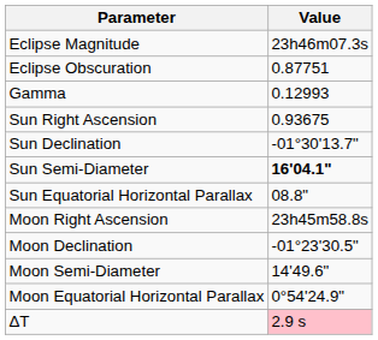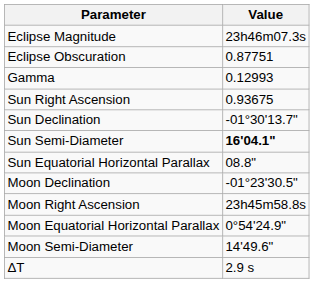 <table class="wikitable">
 <tr>
 <th>Parameter</th>
 <th>Value</th>
 </tr>
 <tr>
 <td>Eclipse Magnitude</td>
 <td>23h46m07.3s</td>
 </tr>
 <tr>
 <td>Eclipse Obscuration</td>
 <td>0.87751</td>
 </tr>
 <tr>
 <td>Gamma</td>
 <td>0.12993</td>
 </tr>
 <tr>
 <td>Sun Right Ascension</td>
 <td>0.93675</td>
 </tr>
 <tr>
 <td>Sun Declination</td>
 <td>-01°30'13.7"</td>
 </tr>
 <tr>
 <td>Sun Semi-Diameter</td>
 <td><strong>16'04.1"</strong></td>
 </tr>
 <tr>
 <td>Sun Equatorial Horizontal Parallax</td>
 <td>08.8"</td>
 </tr>
 <tr>
+<td>Moon Declination</td>
+<td>-01°23'30.5"</td>
+</tr>
+<tr>
 <td>Moon Right Ascension</td>
 <td>23h45m58.8s</td>
 </tr>
 <tr>
-<td>Moon Declination</td>
-<td>-01°23'30.5"</td>
+<td>Moon Equatorial Horizontal Parallax</td>
+<td>0°54'24.9"</td>
 </tr>
 <tr>
 <td>Moon Semi-Diameter</td>
 <td>14'49.6"</td>
 </tr>
 <tr>
-<td>Moon Equatorial Horizontal Parallax</td>
-<td>0°54'24.9"</td>
-</tr>
-<tr>
 <td>ΔT</td>
-<td style="background: pink;">2.9 s</td>
+<td>2.9 s</td>
 </tr>
 </table>
